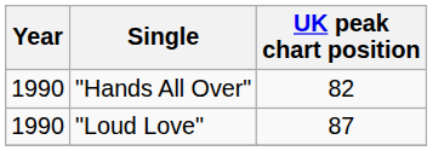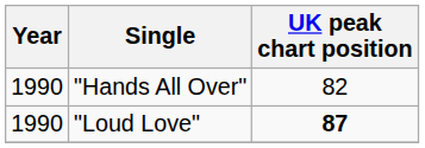 <table class="wikitable" border="1">
 <tr>
 <th>Year</th>
 <th>Single</th>
 <th><a href='#'>UK</a> peak<br>chart position<br></th>
 </tr>
 <tr>
 <td>1990</td>
 <td>"Hands All Over"</td>
 <td align="center">82</td>
 </tr>
 <tr>
 <td>1990</td>
 <td>"Loud Love"</td>
-<td align="center">87</td>
+<td align="center"><strong>87</strong></td>
 </tr>
 <tr>
 </tr>
 </table>
